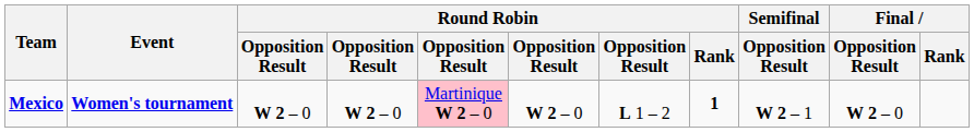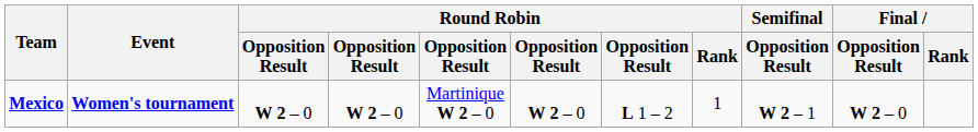 <table align=center class="wikitable">
 <tr>
 <th rowspan="2">Team</th>
 <th rowspan="2">Event</th>
 <th colspan="6">Round Robin</th>
 <th>Semifinal</th>
 <th colspan="2">Final / </th>
 </tr>
 <tr>
 <th>Opposition<br>Result</th>
 <th>Opposition<br>Result</th>
 <th>Opposition<br>Result</th>
 <th>Opposition<br>Result</th>
 <th>Opposition<br>Result</th>
 <th>Rank</th>
 <th>Opposition<br>Result</th>
 <th>Opposition<br>Result</th>
 <th>Rank</th>
 </tr>
 <tr>
 <td align="left"><a href='#'><strong>Mexico</strong></a></td>
 <td align="left"><strong><a href='#'>Women's tournament</a></strong></td>
 <td align=center><br><strong>W</strong> <strong>2</strong> – 0</td>
 <td align=center><br><strong>W</strong> <strong>2</strong> – 0</td>
-<td align=center style="background: pink;"> <a href='#'>Martinique</a><br><strong>W</strong> <strong>2</strong> – 0</td>
+<td align=center> <a href='#'>Martinique</a><br><strong>W</strong> <strong>2</strong> – 0</td>
 <td align=center><br><strong>W</strong> <strong>2</strong> – 0</td>
 <td align=center><br><strong>L</strong> 1 – 2</td>
-<td align=center><strong>1</strong></td>
+<td align=center>1</td>
 <td align=center><br><strong>W</strong> <strong>2</strong> – 1</td>
 <td align=center><br><strong>W</strong> <strong>2</strong> – 0</td>
 <td align=center></td>
 </tr>
 </table>
